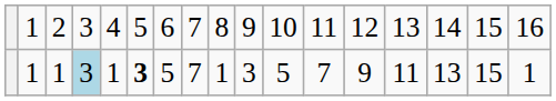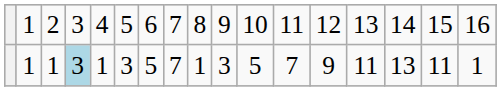 <table class="wikitable" style="text-align: center;">
 <tr>
 <th></th>
 <td>1</td>
 <td>2</td>
 <td>3</td>
 <td>4</td>
 <td>5</td>
 <td>6</td>
 <td>7</td>
 <td>8</td>
 <td>9</td>
 <td>10</td>
 <td>11</td>
 <td>12</td>
 <td>13</td>
 <td>14</td>
 <td>15</td>
 <td>16</td>
 </tr>
 <tr>
 <th></th>
 <td>1</td>
 <td>1</td>
 <td style="background: lightblue;">3</td>
 <td>1</td>
-<td><strong>3</strong></td>
+<td>3</td>
 <td>5</td>
 <td>7</td>
 <td>1</td>
 <td>3</td>
 <td>5</td>
 <td>7</td>
 <td>9</td>
 <td>11</td>
 <td>13</td>
-<td>15</td>
+<td>11</td>
 <td>1</td>
 </tr>
 </table>
